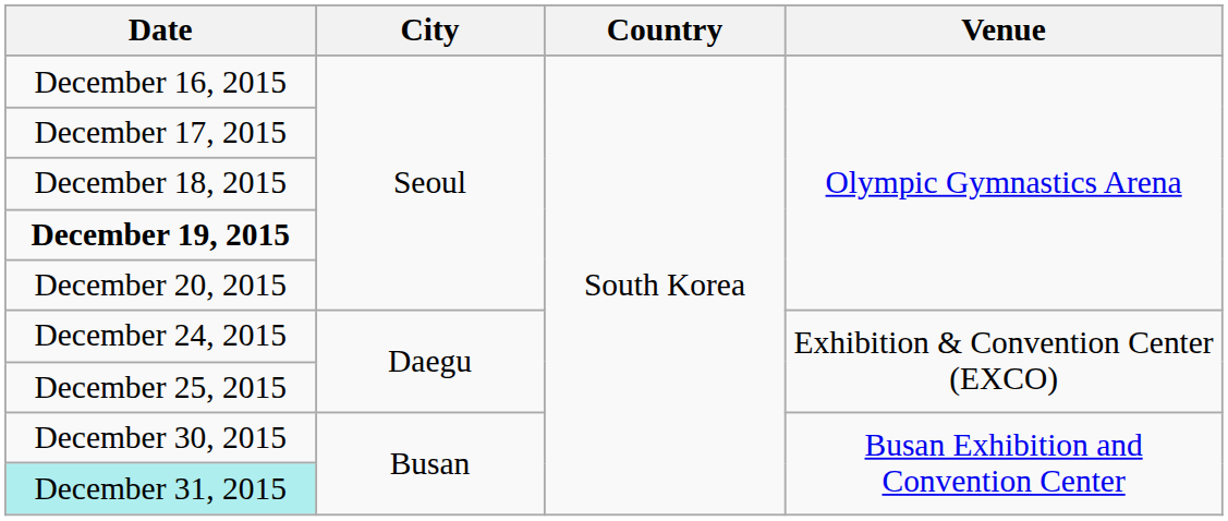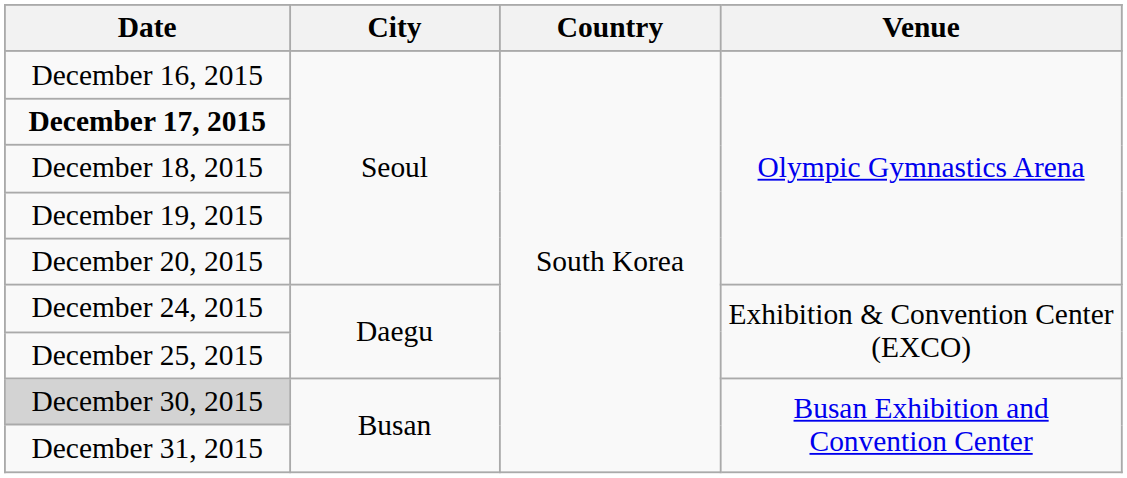 <table class="wikitable" style="text-align:center;">
 <tr>
 <th scope="col" style="width:12em;">Date</th>
 <th scope="col" style="width:9em;">City</th>
 <th scope="col" style="width:9em;">Country</th>
 <th scope="col" style="width:18em;">Venue</th>
 </tr>
 <tr>
 <td>December 16, 2015</td>
 <td rowspan="5">Seoul</td>
 <td rowspan="9">South Korea</td>
 <td rowspan="5"><a href='#'>Olympic Gymnastics Arena</a></td>
 </tr>
 <tr>
-<td>December 17, 2015</td>
+<td><strong>December 17, 2015</strong></td>
 </tr>
 <tr>
 <td>December 18, 2015</td>
 </tr>
 <tr>
-<td><strong>December 19, 2015</strong></td>
+<td>December 19, 2015</td>
 </tr>
 <tr>
 <td>December 20, 2015</td>
 </tr>
 <tr>
 <td>December 24, 2015</td>
 <td rowspan="2">Daegu</td>
 <td rowspan="2">Exhibition & Convention Center (EXCO)</td>
 </tr>
 <tr>
 <td>December 25, 2015</td>
 </tr>
 <tr>
-<td>December 30, 2015</td>
+<td style="background: lightgrey;">December 30, 2015</td>
 <td rowspan="2">Busan</td>
 <td rowspan="2"><a href='#'>Busan Exhibition and Convention Center</a></td>
 </tr>
 <tr>
-<td style="background: paleturquoise;">December 31, 2015</td>
+<td>December 31, 2015</td>
 </tr>
 </table>
